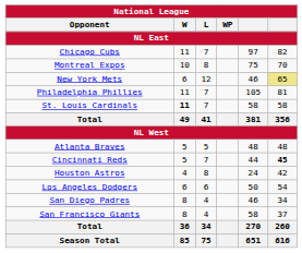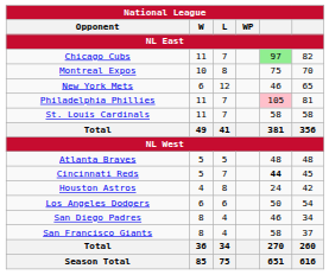 <table class="wikitable" style="font-size:95%; text-align:center; width:35em;margin: 0.5em auto;">
 <tr>
 <td colspan="7" style="background:#c60c30;color:#fff"><strong>National League</strong></td>
 </tr>
 <tr>
 <th>Opponent</th>
 <th>W</th>
 <th>L</th>
 <th>WP</th>
 <th></th>
 <th></th>
 </tr>
 <tr>
 <td colspan="7" style="background:#c60c30;color:#fff"><strong>NL East</strong></td>
 </tr>
 <tr>
 <td><a href='#'>Chicago Cubs</a></td>
 <td>11</td>
 <td>7</td>
 <td></td>
-<td>97</td>
+<td style="background: lightgreen;">97</td>
 <td>82</td>
 </tr>
 <tr>
 <td><a href='#'>Montreal Expos</a></td>
 <td>10</td>
 <td>8</td>
 <td></td>
 <td>75</td>
 <td>70</td>
 </tr>
 <tr>
 <td><a href='#'>New York Mets</a></td>
 <td>6</td>
 <td>12</td>
 <td></td>
 <td>46</td>
-<td style="background: khaki;">65</td>
+<td>65</td>
 </tr>
 <tr>
 <td><a href='#'>Philadelphia Phillies</a></td>
 <td>11</td>
 <td>7</td>
 <td></td>
-<td>105</td>
+<td style="background: pink;">105</td>
 <td>81</td>
 </tr>
 <tr>
 <td><a href='#'>St. Louis Cardinals</a></td>
-<td><strong>11</strong></td>
+<td>11</td>
 <td>7</td>
 <td></td>
 <td>58</td>
 <td>58</td>
 </tr>
 <tr>
 <th>Total</th>
 <th>49</th>
 <th>41</th>
 <th></th>
 <th>381</th>
 <th>356</th>
 </tr>
 <tr>
 <td colspan="7" style="background:#c60c30;color:#fff"><strong>NL West</strong></td>
 </tr>
 <tr>
 <td><a href='#'>Atlanta Braves</a></td>
 <td>5</td>
 <td>5</td>
 <td></td>
 <td>48</td>
 <td>48</td>
 </tr>
 <tr>
 <td><a href='#'>Cincinnati Reds</a></td>
 <td>5</td>
 <td>7</td>
 <td></td>
-<td>44</td>
-<td><strong>45</strong></td>
+<td><strong>44</strong></td>
+<td>45</td>
 </tr>
 <tr>
 <td><a href='#'>Houston Astros</a></td>
 <td>4</td>
 <td>8</td>
 <td></td>
 <td>24</td>
 <td>42</td>
 </tr>
 <tr>
 <td><a href='#'>Los Angeles Dodgers</a></td>
 <td>6</td>
 <td>6</td>
 <td></td>
 <td>50</td>
 <td>54</td>
 </tr>
 <tr>
 <td><a href='#'>San Diego Padres</a></td>
 <td>8</td>
 <td>4</td>
 <td></td>
 <td>46</td>
 <td>34</td>
 </tr>
 <tr>
 <td><a href='#'>San Francisco Giants</a></td>
 <td>8</td>
 <td>4</td>
 <td></td>
 <td>58</td>
 <td>37</td>
 </tr>
 <tr>
 <th>Total</th>
 <th>36</th>
 <th>34</th>
 <th></th>
 <th>270</th>
 <th>260</th>
 </tr>
 <tr>
 <th>Season Total</th>
 <th>85</th>
 <th>75</th>
 <th></th>
 <th>651</th>
 <th>616</th>
 </tr>
 </table>
